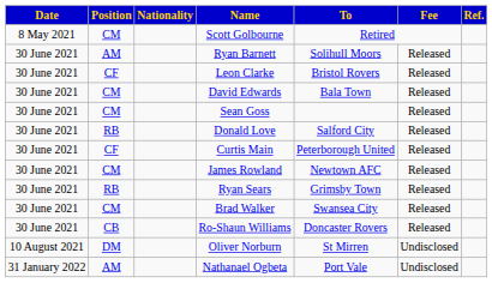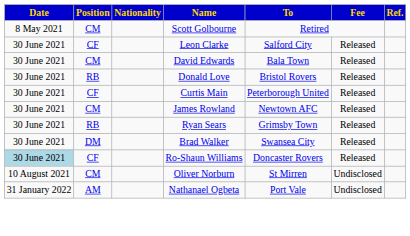 <table class="wikitable"  style="text-align:center; font-size:90%; ">
 <tr>
 <th style="background:mediumblue;color:gold;">Date</th>
 <th style="background:mediumblue;color:gold;">Position</th>
 <th style="background:mediumblue;color:gold;">Nationality</th>
 <th style="background:mediumblue;color:gold;">Name</th>
 <th style="background:mediumblue;color:gold;">To</th>
 <th style="background:mediumblue;color:gold;">Fee</th>
 <th style="background:mediumblue;color:gold;">Ref.</th>
 </tr>
 <tr>
 <td>8 May 2021</td>
 <td><a href='#'>CM</a></td>
 <td></td>
 <td><a href='#'>Scott Golbourne</a></td>
 <td colspan="2"><a href='#'>Retired</a></td>
 <td></td>
 </tr>
 <tr>
 <td>30 June 2021</td>
-<td><a href='#'>AM</a></td>
-<td></td>
-<td><a href='#'>Ryan Barnett</a></td>
-<td> <a href='#'>Solihull Moors</a></td>
-<td>Released</td>
-<td></td>
-</tr>
-<tr>
-<td>30 June 2021</td>
 <td><a href='#'>CF</a></td>
 <td></td>
 <td><a href='#'>Leon Clarke</a></td>
-<td> <a href='#'>Bristol Rovers</a></td>
+<td> <a href='#'>Salford City</a></td>
 <td>Released</td>
 <td></td>
 </tr>
 <tr>
 <td>30 June 2021</td>
 <td><a href='#'>CM</a></td>
 <td></td>
 <td><a href='#'>David Edwards</a></td>
 <td> <a href='#'>Bala Town</a></td>
 <td>Released</td>
 <td></td>
 </tr>
 <tr>
 <td>30 June 2021</td>
-<td><a href='#'>CM</a></td>
-<td></td>
-<td><a href='#'>Sean Goss</a></td>
-<td></td>
-<td>Released</td>
-<td></td>
-</tr>
-<tr>
-<td>30 June 2021</td>
 <td><a href='#'>RB</a></td>
 <td></td>
 <td><a href='#'>Donald Love</a></td>
-<td> <a href='#'>Salford City</a></td>
+<td> <a href='#'>Bristol Rovers</a></td>
 <td>Released</td>
 <td></td>
 </tr>
 <tr>
 <td>30 June 2021</td>
 <td><a href='#'>CF</a></td>
 <td></td>
 <td><a href='#'>Curtis Main</a></td>
 <td> <a href='#'>Peterborough United</a></td>
 <td>Released</td>
 <td></td>
 </tr>
 <tr>
 <td>30 June 2021</td>
 <td><a href='#'>CM</a></td>
 <td></td>
 <td><a href='#'>James Rowland</a></td>
 <td> <a href='#'>Newtown AFC</a></td>
 <td>Released</td>
 <td></td>
 </tr>
 <tr>
 <td>30 June 2021</td>
 <td><a href='#'>RB</a></td>
 <td></td>
 <td><a href='#'>Ryan Sears</a></td>
 <td> <a href='#'>Grimsby Town</a></td>
 <td>Released</td>
 <td></td>
 </tr>
 <tr>
 <td>30 June 2021</td>
-<td><a href='#'>CM</a></td>
+<td><a href='#'>DM</a></td>
 <td></td>
 <td><a href='#'>Brad Walker</a></td>
 <td> <a href='#'>Swansea City</a></td>
 <td>Released</td>
 <td></td>
 </tr>
 <tr>
-<td>30 June 2021</td>
-<td><a href='#'>CB</a></td>
+<td style="background: lightblue;">30 June 2021</td>
+<td><a href='#'>CF</a></td>
 <td></td>
 <td><a href='#'>Ro-Shaun Williams</a></td>
 <td> <a href='#'>Doncaster Rovers</a></td>
 <td>Released</td>
 <td></td>
 </tr>
 <tr>
 <td>10 August 2021</td>
-<td><a href='#'>DM</a></td>
+<td><a href='#'>CM</a></td>
 <td></td>
 <td><a href='#'>Oliver Norburn</a></td>
 <td> <a href='#'>St Mirren</a></td>
 <td>Undisclosed</td>
 <td></td>
 </tr>
 <tr>
 <td>31 January 2022</td>
 <td><a href='#'>AM</a></td>
 <td></td>
 <td><a href='#'>Nathanael Ogbeta</a></td>
 <td> <a href='#'>Port Vale</a></td>
 <td>Undisclosed</td>
 <td></td>
 </tr>
 </table>
